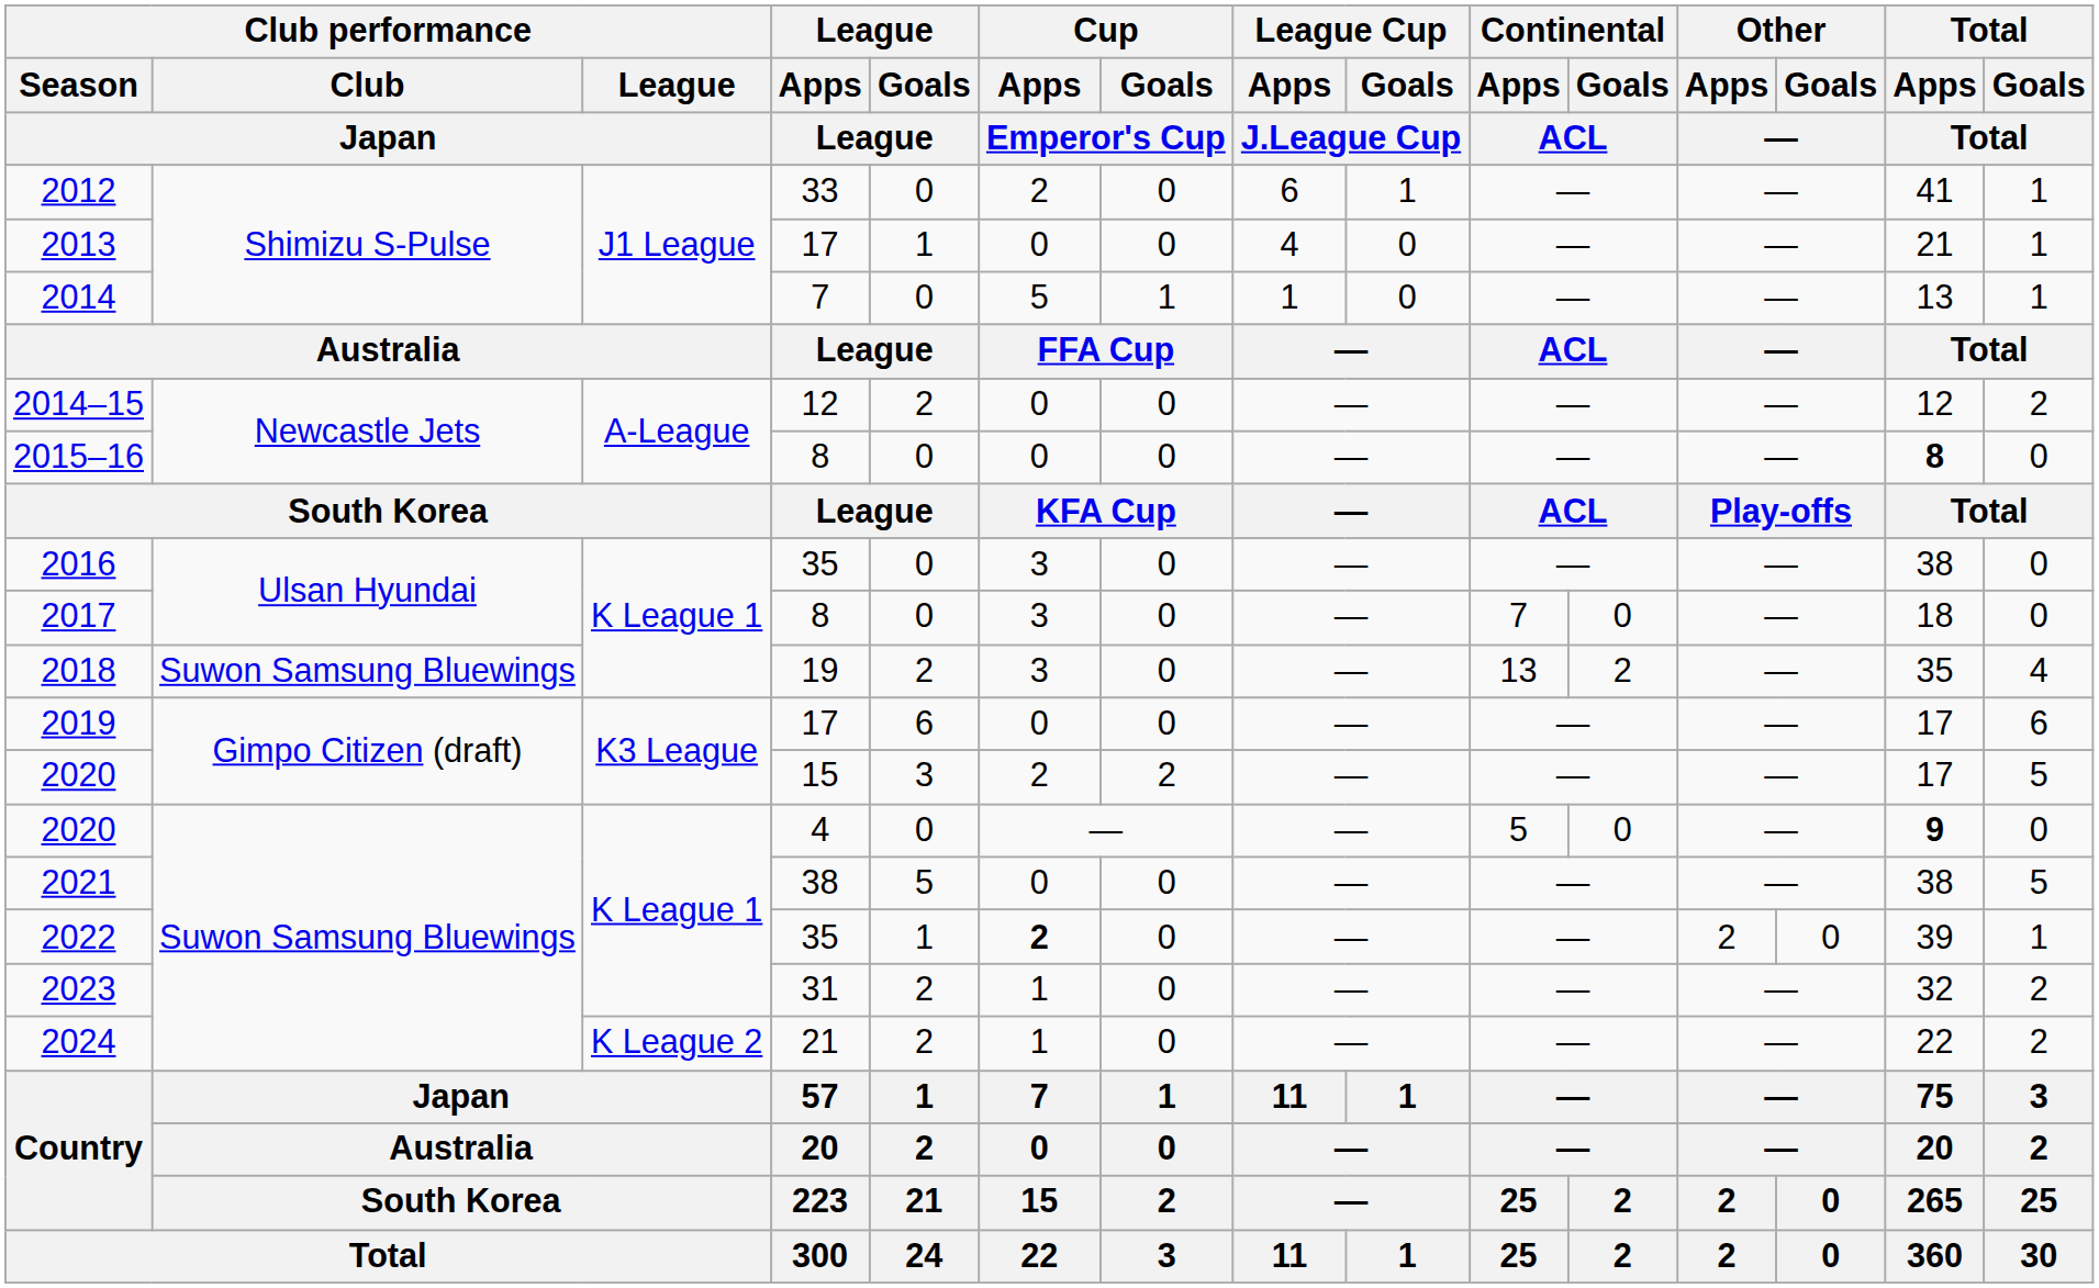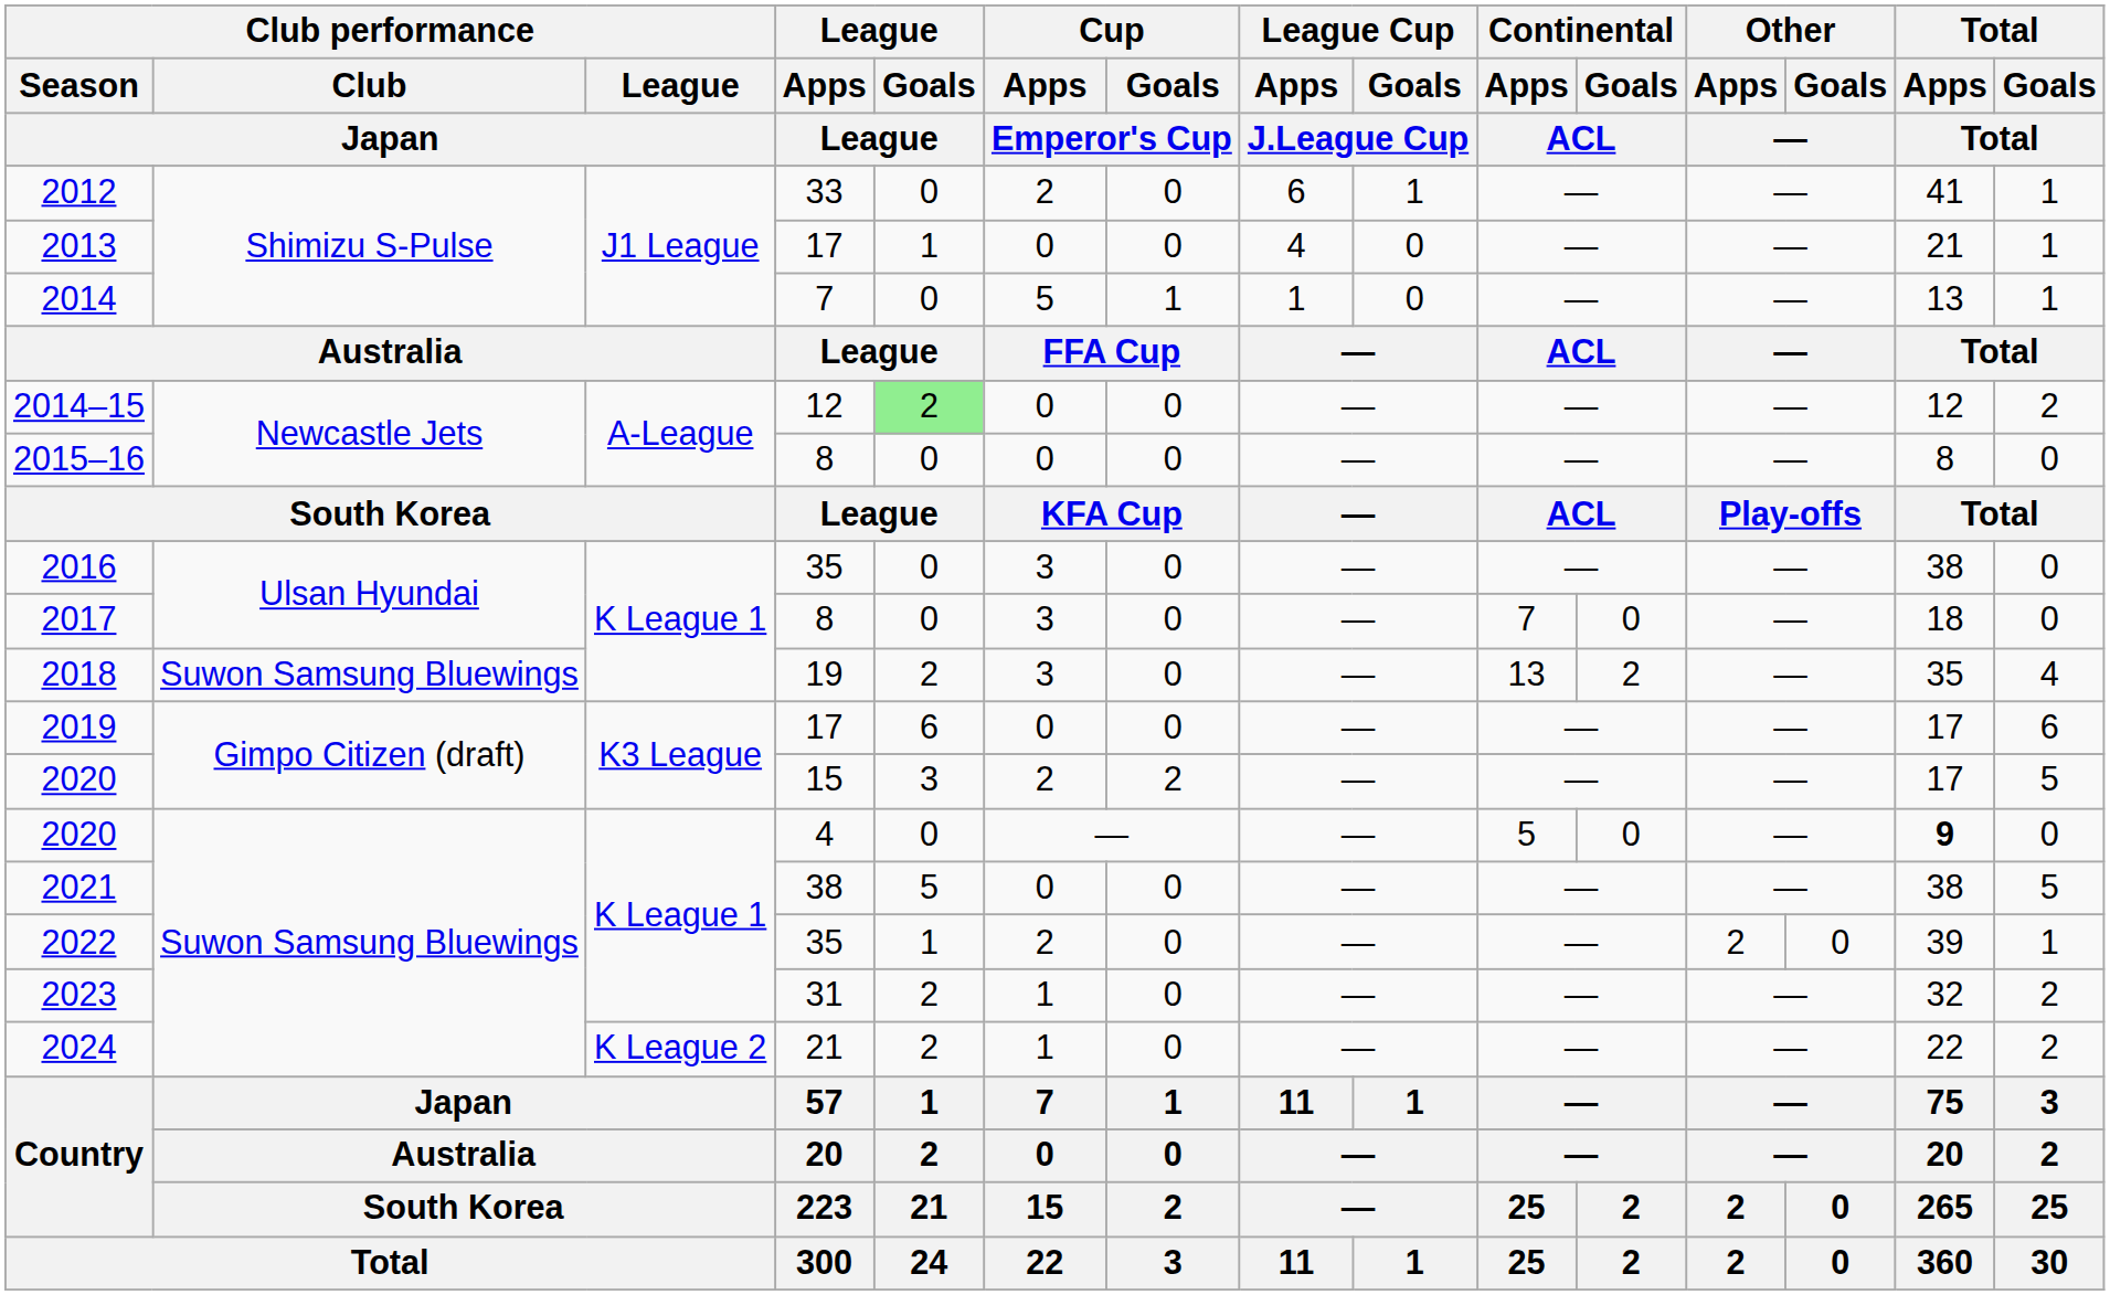 <table class="wikitable" style="text-align:center;">
 <tr>
 <th colspan=3>Club performance</th>
 <th colspan=2>League</th>
 <th colspan=2>Cup</th>
 <th colspan=2>League Cup</th>
 <th colspan=2>Continental</th>
 <th colspan=2>Other</th>
 <th colspan=2>Total</th>
 </tr>
 <tr>
 <th>Season</th>
 <th>Club</th>
 <th>League</th>
 <th>Apps</th>
 <th>Goals</th>
 <th>Apps</th>
 <th>Goals</th>
 <th>Apps</th>
 <th>Goals</th>
 <th>Apps</th>
 <th>Goals</th>
 <th>Apps</th>
 <th>Goals</th>
 <th>Apps</th>
 <th>Goals</th>
 </tr>
 <tr>
 <th colspan=3>Japan</th>
 <th colspan=2>League</th>
 <th colspan=2><a href='#'>Emperor's Cup</a></th>
 <th colspan=2><a href='#'>J.League Cup</a></th>
 <th colspan=2><a href='#'>ACL</a></th>
 <th colspan=2>—</th>
 <th colspan=2>Total</th>
 </tr>
 <tr>
 <td><a href='#'>2012</a></td>
 <td rowspan=3><a href='#'>Shimizu S-Pulse</a></td>
 <td rowspan=3><a href='#'>J1 League</a></td>
 <td>33</td>
 <td>0</td>
 <td>2</td>
 <td>0</td>
 <td>6</td>
 <td>1</td>
 <td colspan=2>—</td>
 <td colspan=2>—</td>
 <td>41</td>
 <td>1</td>
 </tr>
 <tr>
 <td><a href='#'>2013</a></td>
 <td>17</td>
 <td>1</td>
 <td>0</td>
 <td>0</td>
 <td>4</td>
 <td>0</td>
 <td colspan=2>—</td>
 <td colspan=2>—</td>
 <td>21</td>
 <td>1</td>
 </tr>
 <tr>
 <td><a href='#'>2014</a></td>
 <td>7</td>
 <td>0</td>
 <td>5</td>
 <td>1</td>
 <td>1</td>
 <td>0</td>
 <td colspan=2>—</td>
 <td colspan=2>—</td>
 <td>13</td>
 <td>1</td>
 </tr>
 <tr>
 <th colspan=3>Australia</th>
 <th colspan=2>League</th>
 <th colspan=2><a href='#'>FFA Cup</a></th>
 <th colspan=2>—</th>
 <th colspan=2><a href='#'>ACL</a></th>
 <th colspan=2>—</th>
 <th colspan=2>Total</th>
 </tr>
 <tr>
 <td><a href='#'>2014–15</a></td>
 <td rowspan=2><a href='#'>Newcastle Jets</a></td>
 <td rowspan=2><a href='#'>A-League</a></td>
 <td>12</td>
-<td>2</td>
+<td style="background: lightgreen;">2</td>
 <td>0</td>
 <td>0</td>
 <td colspan=2>—</td>
 <td colspan=2>—</td>
 <td colspan=2>—</td>
 <td>12</td>
 <td>2</td>
 </tr>
 <tr>
 <td><a href='#'>2015–16</a></td>
 <td>8</td>
 <td>0</td>
 <td>0</td>
 <td>0</td>
 <td colspan=2>—</td>
 <td colspan=2>—</td>
 <td colspan=2>—</td>
-<td><strong>8</strong></td>
+<td>8</td>
 <td>0</td>
 </tr>
 <tr>
 <th colspan=3>South Korea</th>
 <th colspan=2>League</th>
 <th colspan=2><a href='#'>KFA Cup</a></th>
 <th colspan=2>—</th>
 <th colspan=2><a href='#'>ACL</a></th>
 <th colspan=2><a href='#'>Play-offs</a></th>
 <th colspan=2>Total</th>
 </tr>
 <tr>
 <td><a href='#'>2016</a></td>
 <td rowspan=2><a href='#'>Ulsan Hyundai</a></td>
 <td rowspan=3><a href='#'>K League 1</a></td>
 <td>35</td>
 <td>0</td>
 <td>3</td>
 <td>0</td>
 <td colspan=2>—</td>
 <td colspan=2>—</td>
 <td colspan=2>—</td>
 <td>38</td>
 <td>0</td>
 </tr>
 <tr>
 <td><a href='#'>2017</a></td>
 <td>8</td>
 <td>0</td>
 <td>3</td>
 <td>0</td>
 <td colspan=2>—</td>
 <td>7</td>
 <td>0</td>
 <td colspan=2>—</td>
 <td>18</td>
 <td>0</td>
 </tr>
 <tr>
 <td><a href='#'>2018</a></td>
 <td rowspan=1><a href='#'>Suwon Samsung Bluewings</a></td>
 <td>19</td>
 <td>2</td>
 <td>3</td>
 <td>0</td>
 <td colspan=2>—</td>
 <td>13</td>
 <td>2</td>
 <td colspan=2>—</td>
 <td>35</td>
 <td>4</td>
 </tr>
 <tr>
 <td><a href='#'>2019</a></td>
 <td rowspan=2><a href='#'>Gimpo Citizen</a> (draft)</td>
 <td rowspan=2><a href='#'>K3 League</a></td>
 <td>17</td>
 <td>6</td>
 <td>0</td>
 <td>0</td>
 <td colspan=2>—</td>
 <td colspan=2>—</td>
 <td colspan=2>—</td>
 <td>17</td>
 <td>6</td>
 </tr>
 <tr>
 <td><a href='#'>2020</a></td>
 <td>15</td>
 <td>3</td>
 <td>2</td>
 <td>2</td>
 <td colspan=2>—</td>
 <td colspan=2>—</td>
 <td colspan=2>—</td>
 <td>17</td>
 <td>5</td>
 </tr>
 <tr>
 <td><a href='#'>2020</a></td>
 <td rowspan=5><a href='#'>Suwon Samsung Bluewings</a></td>
 <td rowspan=4><a href='#'>K League 1</a></td>
 <td>4</td>
 <td>0</td>
 <td colspan=2>—</td>
 <td colspan=2>—</td>
 <td>5</td>
 <td>0</td>
 <td colspan=2>—</td>
 <td><strong>9</strong></td>
 <td>0</td>
 </tr>
 <tr>
 <td><a href='#'>2021</a></td>
 <td>38</td>
 <td>5</td>
 <td>0</td>
 <td>0</td>
 <td colspan=2>—</td>
 <td colspan=2>—</td>
 <td colspan=2>—</td>
 <td>38</td>
 <td>5</td>
 </tr>
 <tr>
 <td><a href='#'>2022</a></td>
 <td>35</td>
 <td>1</td>
-<td><strong>2</strong></td>
+<td>2</td>
 <td>0</td>
 <td colspan=2>—</td>
 <td colspan=2>—</td>
 <td>2</td>
 <td>0</td>
 <td>39</td>
 <td>1</td>
 </tr>
 <tr>
 <td><a href='#'>2023</a></td>
 <td>31</td>
 <td>2</td>
 <td>1</td>
 <td>0</td>
 <td colspan=2>—</td>
 <td colspan=2>—</td>
 <td colspan=2>—</td>
 <td>32</td>
 <td>2</td>
 </tr>
 <tr>
 <td><a href='#'>2024</a></td>
 <td><a href='#'>K League 2</a></td>
 <td>21</td>
 <td>2</td>
 <td>1</td>
 <td>0</td>
 <td colspan=2>—</td>
 <td colspan=2>—</td>
 <td colspan=2>—</td>
 <td>22</td>
 <td>2</td>
 </tr>
 <tr>
 <th rowspan=3>Country</th>
 <th colspan=2>Japan</th>
 <th>57</th>
 <th>1</th>
 <th>7</th>
 <th>1</th>
 <th>11</th>
 <th>1</th>
 <th colspan=2>—</th>
 <th colspan=2>—</th>
 <th>75</th>
 <th>3</th>
 </tr>
 <tr>
 <th colspan=2>Australia</th>
 <th>20</th>
 <th>2</th>
 <th>0</th>
 <th>0</th>
 <th colspan=2>—</th>
 <th colspan=2>—</th>
 <th colspan=2>—</th>
 <th>20</th>
 <th>2</th>
 </tr>
 <tr>
 <th colspan=2>South Korea</th>
 <th>223</th>
 <th>21</th>
 <th>15</th>
 <th>2</th>
 <th colspan=2>—</th>
 <th>25</th>
 <th>2</th>
 <th>2</th>
 <th>0</th>
 <th>265</th>
 <th>25</th>
 </tr>
 <tr>
 <th colspan=3>Total</th>
 <th>300</th>
 <th>24</th>
 <th>22</th>
 <th>3</th>
 <th>11</th>
 <th>1</th>
 <th>25</th>
 <th>2</th>
 <th>2</th>
 <th>0</th>
 <th>360</th>
 <th>30</th>
 </tr>
 </table>
